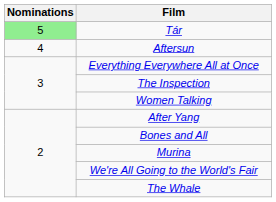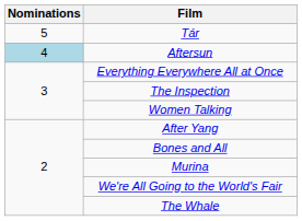 <table class="wikitable" rowspan=2 border=2 style="text-align:center;">
 <tr>
 <th scope="col" width="50">Nominations</th>
 <th scope="col" width="275">Film</th>
 </tr>
 <tr>
-<td style="background: lightgreen;">5</td>
+<td>5</td>
 <td><em><a href='#'>Tár</a></em></td>
 </tr>
 <tr>
-<td>4</td>
+<td style="background: lightblue;">4</td>
 <td><em><a href='#'>Aftersun</a></em></td>
 </tr>
 <tr>
 <td rowspan="3">3</td>
 <td><em><a href='#'>Everything Everywhere All at Once</a></em></td>
 </tr>
 <tr>
 <td><em><a href='#'>The Inspection</a></em></td>
 </tr>
 <tr>
 <td><em><a href='#'>Women Talking</a></em></td>
 </tr>
 <tr>
 <td rowspan="5">2</td>
 <td><em><a href='#'>After Yang</a></em></td>
 </tr>
 <tr>
 <td><em><a href='#'>Bones and All</a></em></td>
 </tr>
 <tr>
 <td><em><a href='#'>Murina</a></em></td>
 </tr>
 <tr>
 <td><em><a href='#'>We're All Going to the World's Fair</a></em></td>
 </tr>
 <tr>
 <td><em><a href='#'>The Whale</a></em></td>
 </tr>
 </table>
